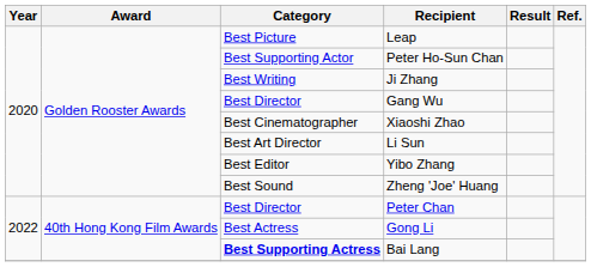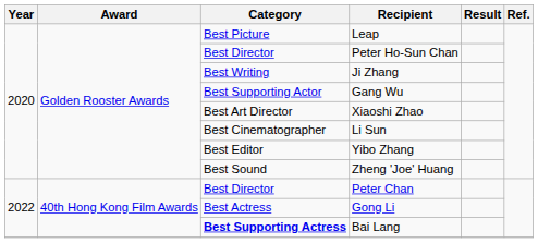 <table class="wikitable">
 <tr>
 <th>Year</th>
 <th>Award</th>
 <th>Category</th>
 <th>Recipient</th>
 <th>Result</th>
 <th>Ref.</th>
 </tr>
 <tr>
 <td rowspan="8">2020</td>
 <td rowspan=8><a href='#'>Golden Rooster Awards</a></td>
 <td><a href='#'>Best Picture</a></td>
 <td>Leap</td>
 <td></td>
 <td rowspan=8></td>
 </tr>
 <tr>
-<td><a href='#'>Best Supporting Actor</a></td>
+<td><a href='#'>Best Director</a></td>
 <td>Peter Ho-Sun Chan</td>
 <td></td>
 </tr>
 <tr>
 <td><a href='#'>Best Writing</a></td>
 <td>Ji Zhang</td>
 <td></td>
 </tr>
 <tr>
-<td><a href='#'>Best Director</a></td>
+<td><a href='#'>Best Supporting Actor</a></td>
 <td>Gang Wu</td>
 <td></td>
 </tr>
 <tr>
-<td>Best Cinematographer</td>
+<td>Best Art Director</td>
 <td>Xiaoshi Zhao</td>
 <td></td>
 </tr>
 <tr>
-<td>Best Art Director</td>
+<td>Best Cinematographer</td>
 <td>Li Sun</td>
 <td></td>
 </tr>
 <tr>
 <td>Best Editor</td>
 <td>Yibo Zhang</td>
 <td></td>
 </tr>
 <tr>
 <td>Best Sound</td>
 <td>Zheng 'Joe' Huang</td>
 <td></td>
 </tr>
 <tr>
 <td rowspan=3>2022</td>
 <td rowspan=3><a href='#'>40th Hong Kong Film Awards</a></td>
 <td><a href='#'>Best Director</a></td>
 <td><a href='#'>Peter Chan</a></td>
 <td></td>
 <td style="text-align: center;" rowspan=3></td>
 </tr>
 <tr>
 <td><a href='#'>Best Actress</a></td>
 <td><a href='#'>Gong Li</a></td>
 <td></td>
 </tr>
 <tr>
 <td><strong><a href='#'>Best Supporting Actress</a></strong></td>
 <td>Bai Lang</td>
 <td></td>
 </tr>
 <tr>
 </tr>
 </table>
